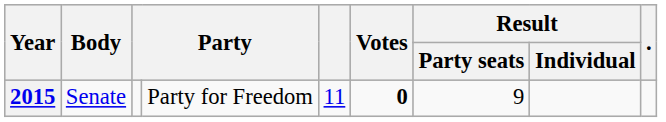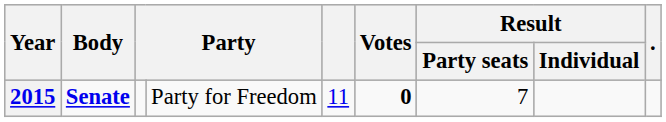 <table class="wikitable plainrowheaders sortable" border=2 cellpadding=4 cellspacing=0 style="border: 1px #aaa solid; font-size: 90%; text-align:center;">
 <tr>
 <th scope="col" rowspan=2>Year</th>
 <th scope="col" rowspan=2>Body</th>
 <th scope="col" colspan=2 rowspan=2>Party</th>
 <th scope="col" rowspan=2></th>
 <th scope="col" rowspan=2>Votes</th>
 <th scope="colgroup" colspan=2>Result</th>
 <th scope="col" rowspan=2 class="unsortable">.</th>
 </tr>
 <tr>
 <th scope="col">Party seats</th>
 <th scope="col">Individual</th>
 </tr>
 <tr>
 <th scope="row"><a href='#'>2015</a></th>
-<td><a href='#'>Senate</a></td>
+<td><strong><a href='#'>Senate</a></strong></td>
 <td style="background-color:"></td>
 <td>Party for Freedom</td>
 <td style=text-align:right><a href='#'>11</a></td>
 <td style=text-align:right><strong>0</strong></td>
-<td style=text-align:right>9</td>
+<td style=text-align:right>7</td>
 <td></td>
 <td></td>
 </tr>
 </table>
